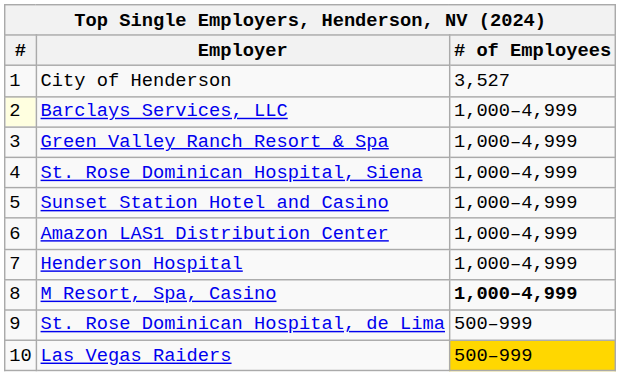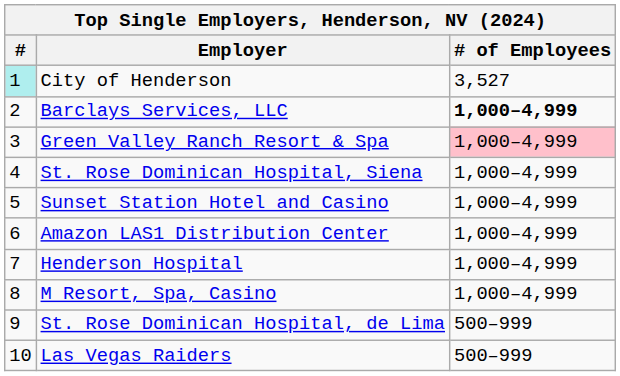 <table class="wikitable sortable">
 <tr>
 <th colspan="3">Top Single Employers, Henderson, NV (2024)</th>
 </tr>
 <tr>
 <th>#</th>
 <th>Employer</th>
 <th># of Employees</th>
 </tr>
 <tr>
-<td>1</td>
+<td style="background: paleturquoise;">1</td>
 <td>City of Henderson</td>
 <td>3,527</td>
 </tr>
 <tr>
-<td style="background: lightyellow;">2</td>
+<td>2</td>
 <td><a href='#'>Barclays Services, LLC</a></td>
-<td>1,000–4,999</td>
+<td><strong>1,000–4,999</strong></td>
 </tr>
 <tr>
 <td>3</td>
 <td><a href='#'>Green Valley Ranch Resort & Spa</a></td>
-<td>1,000–4,999</td>
+<td style="background: pink;">1,000–4,999</td>
 </tr>
 <tr>
 <td>4</td>
 <td><a href='#'>St. Rose Dominican Hospital, Siena</a></td>
 <td>1,000–4,999</td>
 </tr>
 <tr>
 <td>5</td>
 <td><a href='#'>Sunset Station Hotel and Casino</a></td>
 <td>1,000–4,999</td>
 </tr>
 <tr>
 <td>6</td>
 <td><a href='#'>Amazon LAS1 Distribution Center</a></td>
 <td>1,000–4,999</td>
 </tr>
 <tr>
 <td>7</td>
 <td><a href='#'>Henderson Hospital</a></td>
 <td>1,000–4,999</td>
 </tr>
 <tr>
 <td>8</td>
 <td><a href='#'>M Resort, Spa, Casino</a></td>
-<td><strong>1,000–4,999</strong></td>
+<td>1,000–4,999</td>
 </tr>
 <tr>
 <td>9</td>
 <td><a href='#'>St. Rose Dominican Hospital, de Lima</a></td>
 <td>500–999</td>
 </tr>
 <tr>
 <td>10</td>
 <td><a href='#'>Las Vegas Raiders</a></td>
-<td style="background: gold;">500–999</td>
+<td>500–999</td>
 </tr>
 </table>
